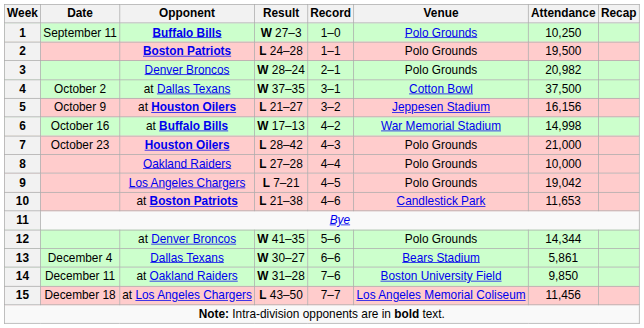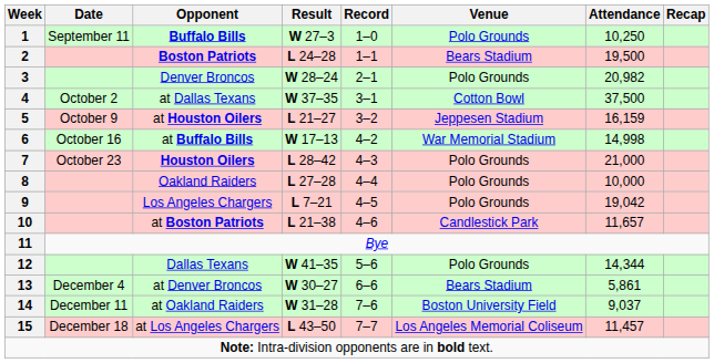 <table class="wikitable" style="text-align:center">
 <tr>
 <th>Week</th>
 <th>Date</th>
 <th>Opponent</th>
 <th>Result</th>
 <th>Record</th>
 <th>Venue</th>
 <th>Attendance</th>
 <th>Recap</th>
 </tr>
 <tr style="background:#cfc">
 <th>1</th>
 <td>September 11</td>
 <td><strong><a href='#'>Buffalo Bills</a></strong></td>
 <td><strong>W</strong> 27–3</td>
 <td>1–0</td>
 <td><a href='#'>Polo Grounds</a></td>
 <td>10,250</td>
 <td></td>
 </tr>
 <tr style="background:#fcc">
 <th>2</th>
 <td></td>
 <td><strong><a href='#'>Boston Patriots</a></strong></td>
 <td><strong>L</strong> 24–28</td>
 <td>1–1</td>
-<td>Polo Grounds</td>
+<td><a href='#'>Bears Stadium</a></td>
 <td>19,500</td>
 <td></td>
 </tr>
 <tr style="background:#cfc">
 <th>3</th>
 <td></td>
 <td><a href='#'>Denver Broncos</a></td>
 <td><strong>W</strong> 28–24</td>
 <td>2–1</td>
 <td>Polo Grounds</td>
 <td>20,982</td>
 <td></td>
 </tr>
 <tr style="background:#cfc">
 <th>4</th>
 <td>October 2</td>
 <td>at <a href='#'>Dallas Texans</a></td>
 <td><strong>W</strong> 37–35</td>
 <td>3–1</td>
 <td><a href='#'>Cotton Bowl</a></td>
 <td>37,500</td>
 <td></td>
 </tr>
 <tr style="background:#fcc">
 <th>5</th>
 <td>October 9</td>
 <td>at <strong><a href='#'>Houston Oilers</a></strong></td>
 <td><strong>L</strong> 21–27</td>
 <td>3–2</td>
 <td><a href='#'>Jeppesen Stadium</a></td>
-<td>16,156</td>
+<td>16,159</td>
 <td></td>
 </tr>
 <tr style="background:#cfc">
 <th>6</th>
 <td>October 16</td>
 <td>at <strong><a href='#'>Buffalo Bills</a></strong></td>
 <td><strong>W</strong> 17–13</td>
 <td>4–2</td>
 <td><a href='#'>War Memorial Stadium</a></td>
 <td>14,998</td>
 <td></td>
 </tr>
 <tr style="background:#fcc">
 <th>7</th>
 <td>October 23</td>
 <td><strong><a href='#'>Houston Oilers</a></strong></td>
 <td><strong>L</strong> 28–42</td>
 <td>4–3</td>
 <td>Polo Grounds</td>
 <td>21,000</td>
 <td></td>
 </tr>
 <tr style="background:#fcc">
 <th>8</th>
 <td></td>
 <td><a href='#'>Oakland Raiders</a></td>
 <td><strong>L</strong> 27–28</td>
 <td>4–4</td>
 <td>Polo Grounds</td>
 <td>10,000</td>
 <td></td>
 </tr>
 <tr style="background:#fcc">
 <th>9</th>
 <td></td>
 <td><a href='#'>Los Angeles Chargers</a></td>
 <td><strong>L</strong> 7–21</td>
 <td>4–5</td>
 <td>Polo Grounds</td>
 <td>19,042</td>
 <td></td>
 </tr>
 <tr style="background:#fcc">
 <th>10</th>
 <td></td>
 <td>at <strong><a href='#'>Boston Patriots</a></strong></td>
 <td><strong>L</strong> 21–38</td>
 <td>4–6</td>
 <td><a href='#'>Candlestick Park</a></td>
-<td>11,653</td>
+<td>11,657</td>
 <td></td>
 </tr>
 <tr>
 <th>11</th>
 <td colspan="7"><em><a href='#'>Bye</a></em></td>
 </tr>
 <tr style="background:#cfc">
 <th>12</th>
 <td></td>
-<td>at <a href='#'>Denver Broncos</a></td>
+<td><a href='#'>Dallas Texans</a></td>
 <td><strong>W</strong> 41–35</td>
 <td>5–6</td>
 <td>Polo Grounds</td>
 <td>14,344</td>
 <td></td>
 </tr>
 <tr style="background:#cfc">
 <th>13</th>
 <td>December 4</td>
-<td><a href='#'>Dallas Texans</a></td>
+<td>at <a href='#'>Denver Broncos</a></td>
 <td><strong>W</strong> 30–27</td>
 <td>6–6</td>
 <td><a href='#'>Bears Stadium</a></td>
 <td>5,861</td>
 <td></td>
 </tr>
 <tr style="background:#cfc">
 <th>14</th>
 <td>December 11</td>
 <td>at <a href='#'>Oakland Raiders</a></td>
 <td><strong>W</strong> 31–28</td>
 <td>7–6</td>
 <td><a href='#'>Boston University Field</a></td>
-<td>9,850</td>
+<td>9,037</td>
 <td></td>
 </tr>
 <tr style="background:#fcc">
 <th>15</th>
 <td>December 18</td>
 <td>at <a href='#'>Los Angeles Chargers</a></td>
 <td><strong>L</strong> 43–50</td>
 <td>7–7</td>
 <td><a href='#'>Los Angeles Memorial Coliseum</a></td>
-<td>11,456</td>
+<td>11,457</td>
 <td></td>
 </tr>
 <tr>
 <td colspan="8"><strong>Note:</strong> Intra-division opponents are in <strong>bold</strong> text.</td>
 </tr>
 </table>
